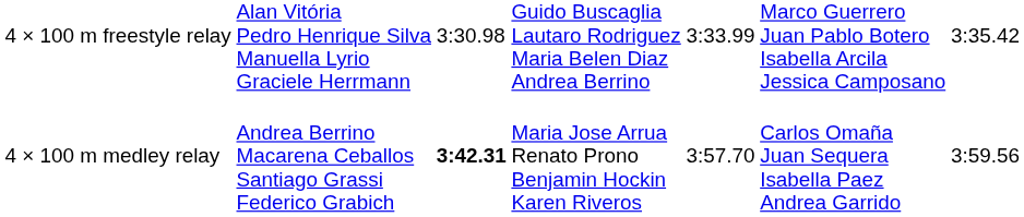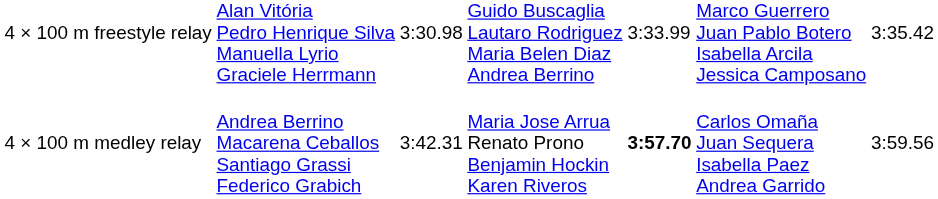 <table>
 <tr>
 <td>4 × 100 m freestyle relay<br></td>
 <td><br><a href='#'>Alan Vitória</a><br><a href='#'>Pedro Henrique Silva</a><br><a href='#'>Manuella Lyrio</a><br><a href='#'>Graciele Herrmann</a></td>
 <td>3:30.98</td>
 <td><br><a href='#'>Guido Buscaglia</a><br><a href='#'>Lautaro Rodriguez</a><br><a href='#'>Maria Belen Diaz</a><br><a href='#'>Andrea Berrino</a></td>
 <td>3:33.99</td>
 <td><br><a href='#'>Marco Guerrero</a><br><a href='#'>Juan Pablo Botero</a><br><a href='#'>Isabella Arcila</a><br><a href='#'>Jessica Camposano</a></td>
 <td>3:35.42</td>
 </tr>
 <tr>
 <td>4 × 100 m medley relay<br></td>
 <td><br><a href='#'>Andrea Berrino</a><br><a href='#'>Macarena Ceballos</a><br><a href='#'>Santiago Grassi</a><br><a href='#'>Federico Grabich</a></td>
-<td><strong>3:42.31</strong></td>
+<td>3:42.31</td>
 <td><br><a href='#'>Maria Jose Arrua</a><br>Renato Prono<br><a href='#'>Benjamin Hockin</a><br><a href='#'>Karen Riveros</a></td>
-<td>3:57.70</td>
+<td><strong>3:57.70</strong></td>
 <td><br><a href='#'>Carlos Omaña</a><br><a href='#'>Juan Sequera</a><br><a href='#'>Isabella Paez</a><br><a href='#'>Andrea Garrido</a></td>
 <td>3:59.56</td>
 </tr>
 </table>
